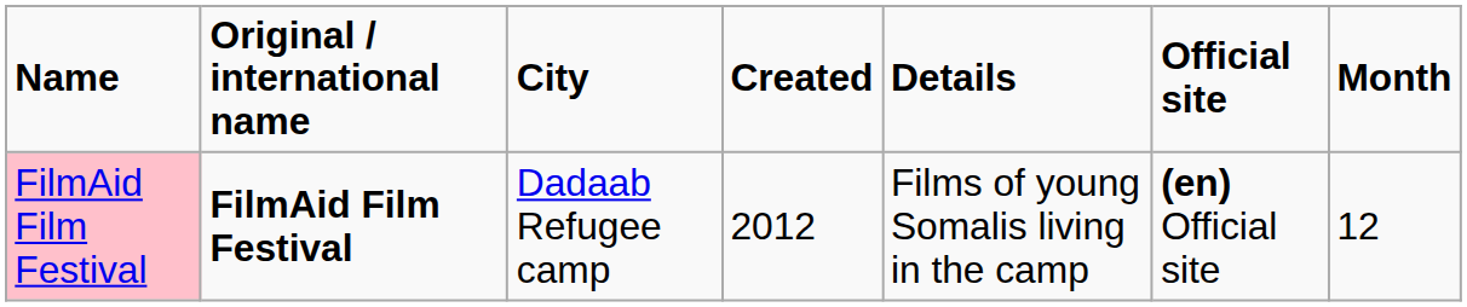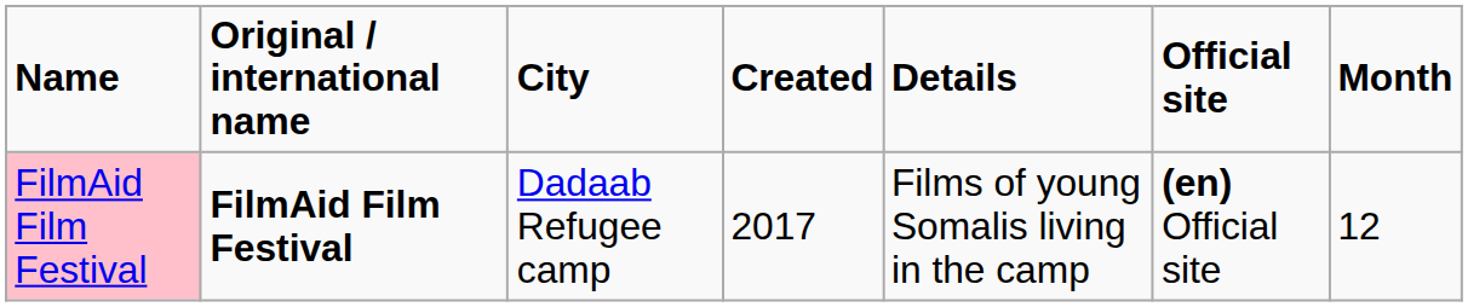 <table class="wikitable">
 <tr>
 <td><strong>Name</strong></td>
 <td><strong>Original / international name</strong></td>
 <td><strong>City</strong></td>
 <td><strong>Created</strong></td>
 <td><strong>Details</strong></td>
 <td><strong>Official site</strong></td>
 <td><strong>Month</strong></td>
 </tr>
 <tr>
 <td style="background: pink;"><a href='#'>FilmAid Film Festival</a></td>
 <td><strong>FilmAid Film Festival</strong></td>
 <td><a href='#'>Dadaab</a> Refugee camp</td>
-<td>2012</td>
+<td>2017</td>
 <td>Films of young Somalis living in the camp</td>
 <td><strong>(en)</strong> Official site</td>
 <td>12</td>
 </tr>
 </table>
